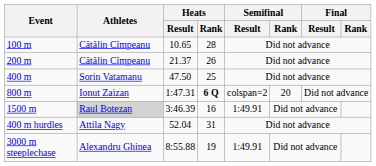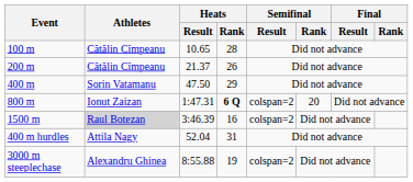 <table class="wikitable" border="1" style="font-size:90%">
 <tr>
 <th rowspan="2" width=100>Event</th>
 <th rowspan="2" width=120>Athletes</th>
 <th colspan="2">Heats</th>
 <th colspan="2">Semifinal</th>
 <th colspan="2">Final</th>
 </tr>
 <tr>
 <th>Result</th>
 <th>Rank</th>
 <th>Result</th>
 <th>Rank</th>
 <th>Result</th>
 <th>Rank</th>
 </tr>
 <tr>
 <td><a href='#'>100 m</a></td>
 <td><a href='#'>Cătălin Cîmpeanu</a></td>
 <td align=center>10.65</td>
 <td align=center>28</td>
 <td colspan="4" align=center>Did not advance</td>
 </tr>
 <tr>
 <td><a href='#'>200 m</a></td>
 <td><a href='#'>Cătălin Cîmpeanu</a></td>
 <td align=center>21.37</td>
 <td align=center>26</td>
 <td colspan="4" align=center>Did not advance</td>
 </tr>
 <tr>
 <td><a href='#'>400 m</a></td>
 <td><a href='#'>Sorin Vatamanu</a></td>
 <td align=center>47.50</td>
-<td align=center>25</td>
+<td align=center>29</td>
 <td colspan="4" align=center>Did not advance</td>
 </tr>
 <tr>
 <td><a href='#'>800 m</a></td>
 <td><a href='#'>Ionut Zaizan</a></td>
 <td align=center>1:47.31</td>
 <td align=center><strong>6 Q</strong></td>
 <td>colspan=2 </td>
 <td align=center>20</td>
 <td colspan="2" align=center>Did not advance</td>
 </tr>
 <tr>
 <td><a href='#'>1500 m</a></td>
 <td style="background: lightgrey;"><a href='#'>Raul Botezan</a></td>
 <td align=center>3:46.39</td>
 <td align=center>16</td>
-<td align=center>1:49.91</td>
+<td>colspan=2 </td>
 <td colspan="2" align=center>Did not advance</td>
 </tr>
 <tr>
 <td><a href='#'>400 m hurdles</a></td>
 <td><a href='#'>Attila Nagy</a></td>
 <td align=center>52.04</td>
 <td align=center>31</td>
 <td colspan="4" align=center>Did not advance</td>
 </tr>
 <tr>
 <td><a href='#'>3000 m steeplechase</a></td>
 <td><a href='#'>Alexandru Ghinea</a></td>
 <td align=center>8:55.88</td>
 <td align=center>19</td>
-<td align=center>1:49.91</td>
+<td>colspan=2 </td>
 <td colspan="2" align=center>Did not advance</td>
 </tr>
 </table>
